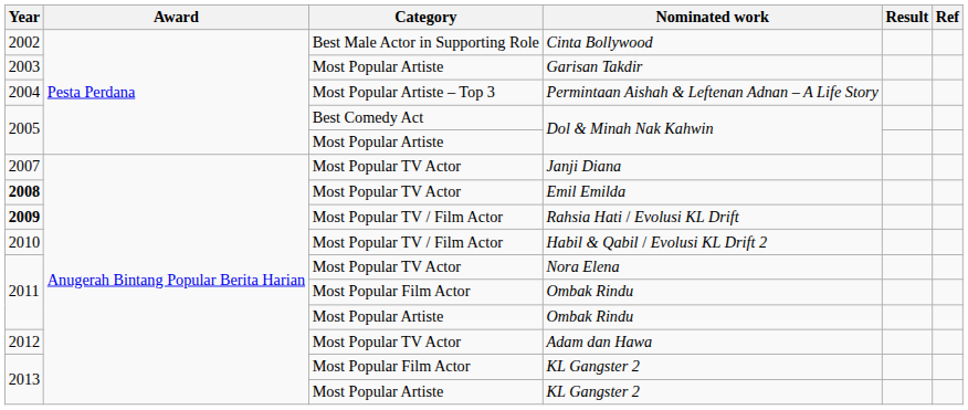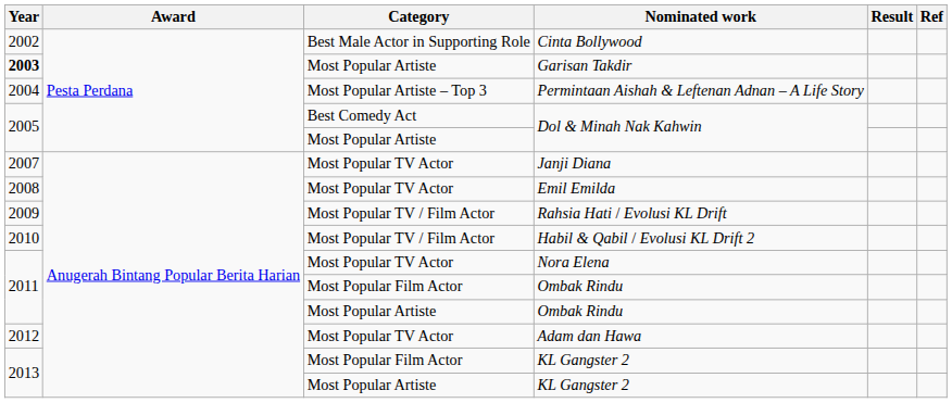 <table class="wikitable">
 <tr>
 <th>Year</th>
 <th>Award</th>
 <th>Category</th>
 <th>Nominated work</th>
 <th>Result</th>
 <th>Ref</th>
 </tr>
 <tr>
 <td>2002</td>
 <td rowspan="5"><a href='#'>Pesta Perdana</a></td>
 <td>Best Male Actor in Supporting Role</td>
 <td><em>Cinta Bollywood</em></td>
 <td></td>
 <td></td>
 </tr>
 <tr>
-<td>2003</td>
+<td><strong>2003</strong></td>
 <td>Most Popular Artiste</td>
 <td><em>Garisan Takdir</em></td>
 <td></td>
 <td></td>
 </tr>
 <tr>
 <td>2004</td>
 <td>Most Popular Artiste – Top 3</td>
 <td><em>Permintaan Aishah & Leftenan Adnan – A Life Story</em></td>
 <td></td>
 <td></td>
 </tr>
 <tr>
 <td rowspan="2">2005</td>
 <td>Best Comedy Act</td>
 <td rowspan="2"><em>Dol & Minah Nak Kahwin</em></td>
 <td></td>
 <td></td>
 </tr>
 <tr>
 <td>Most Popular Artiste</td>
 <td></td>
 <td></td>
 </tr>
 <tr>
 <td>2007</td>
 <td rowspan="10"><a href='#'>Anugerah Bintang Popular Berita Harian</a></td>
 <td>Most Popular TV Actor</td>
 <td><em>Janji Diana</em></td>
 <td></td>
 <td></td>
 </tr>
 <tr>
-<td><strong>2008</strong></td>
+<td>2008</td>
 <td>Most Popular TV Actor</td>
 <td><em>Emil Emilda</em></td>
 <td></td>
 <td></td>
 </tr>
 <tr>
-<td><strong>2009</strong></td>
+<td>2009</td>
 <td>Most Popular TV / Film Actor</td>
 <td><em>Rahsia Hati</em> / <em>Evolusi KL Drift</em></td>
 <td></td>
 <td></td>
 </tr>
 <tr>
 <td>2010</td>
 <td>Most Popular TV / Film Actor</td>
 <td><em>Habil & Qabil</em> / <em>Evolusi KL Drift 2</em></td>
 <td></td>
 <td></td>
 </tr>
 <tr>
 <td rowspan="3">2011</td>
 <td>Most Popular TV Actor</td>
 <td><em>Nora Elena</em></td>
 <td></td>
 <td></td>
 </tr>
 <tr>
 <td>Most Popular Film Actor</td>
 <td><em>Ombak Rindu</em></td>
 <td></td>
 <td></td>
 </tr>
 <tr>
 <td>Most Popular Artiste</td>
 <td><em>Ombak Rindu</em></td>
 <td></td>
 <td></td>
 </tr>
 <tr>
 <td>2012</td>
 <td>Most Popular TV Actor</td>
 <td><em>Adam dan Hawa</em></td>
 <td></td>
 <td></td>
 </tr>
 <tr>
 <td rowspan="2">2013</td>
 <td>Most Popular Film Actor</td>
 <td><em>KL Gangster 2</em></td>
 <td></td>
 <td></td>
 </tr>
 <tr>
 <td>Most Popular Artiste</td>
 <td><em>KL Gangster 2</em></td>
 <td></td>
 <td></td>
 </tr>
 </table>
